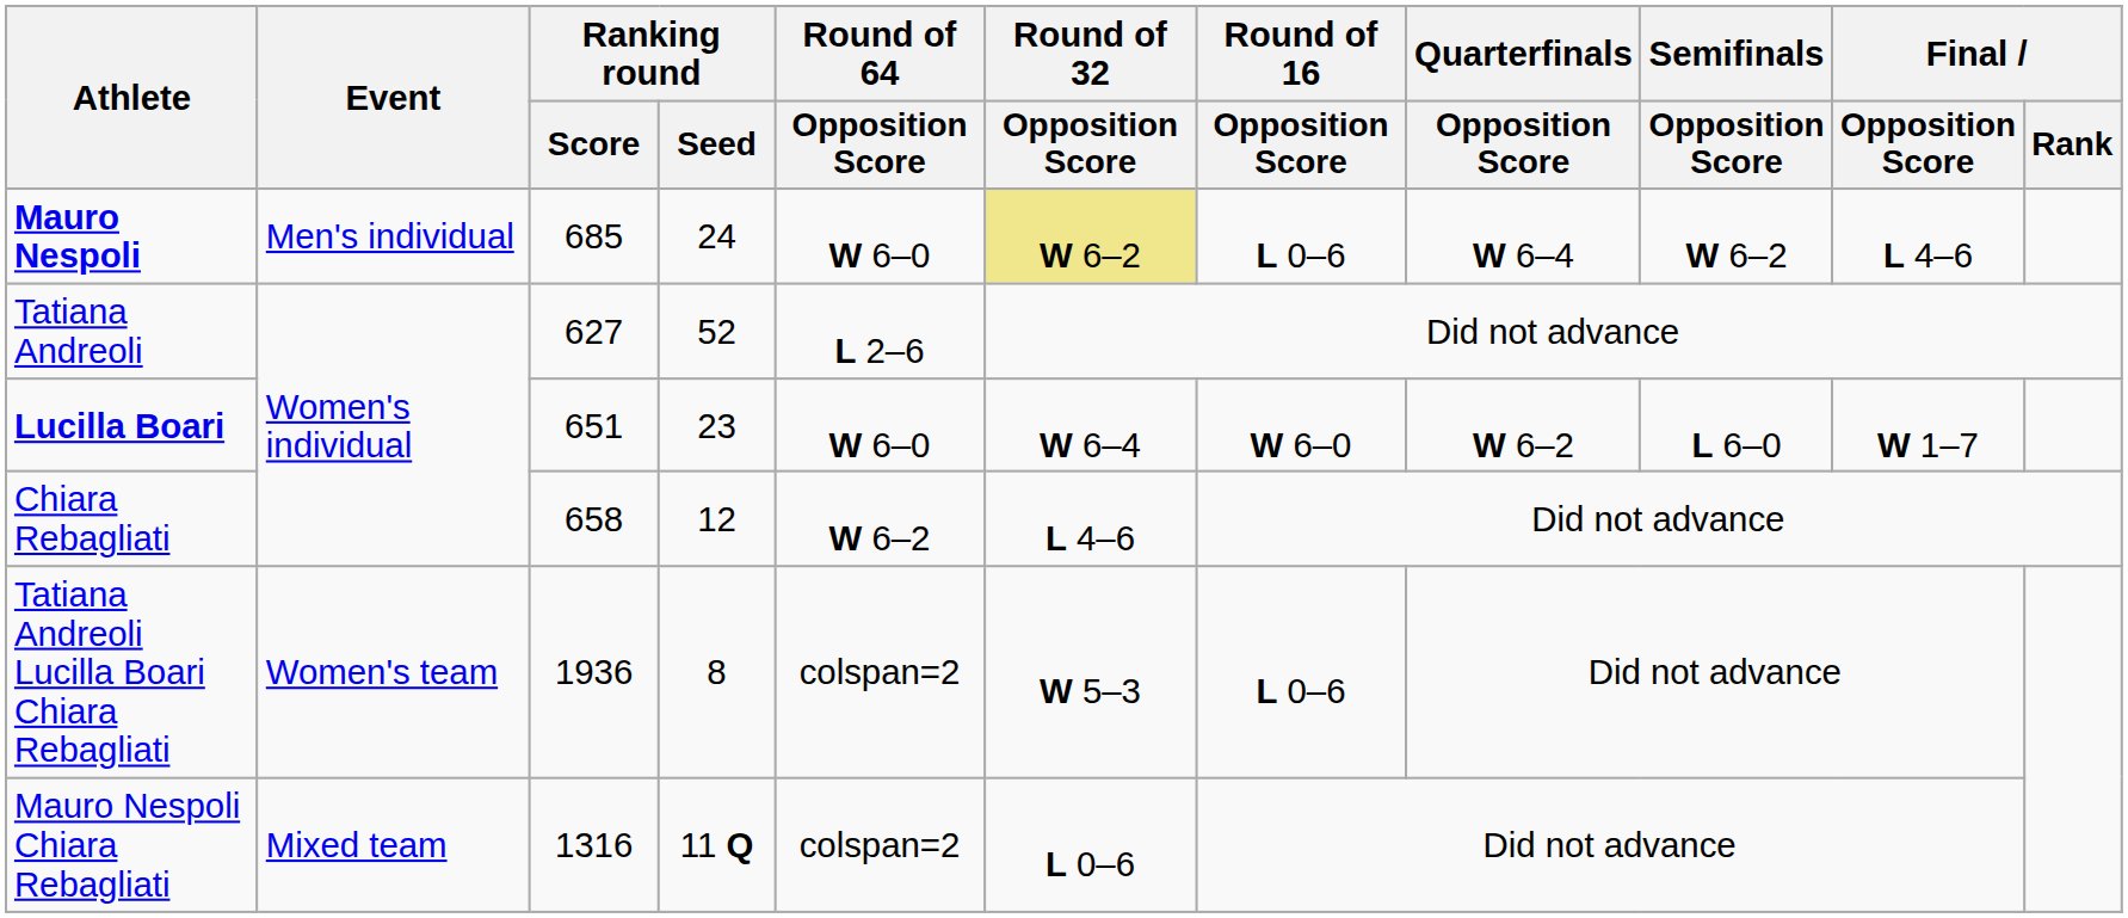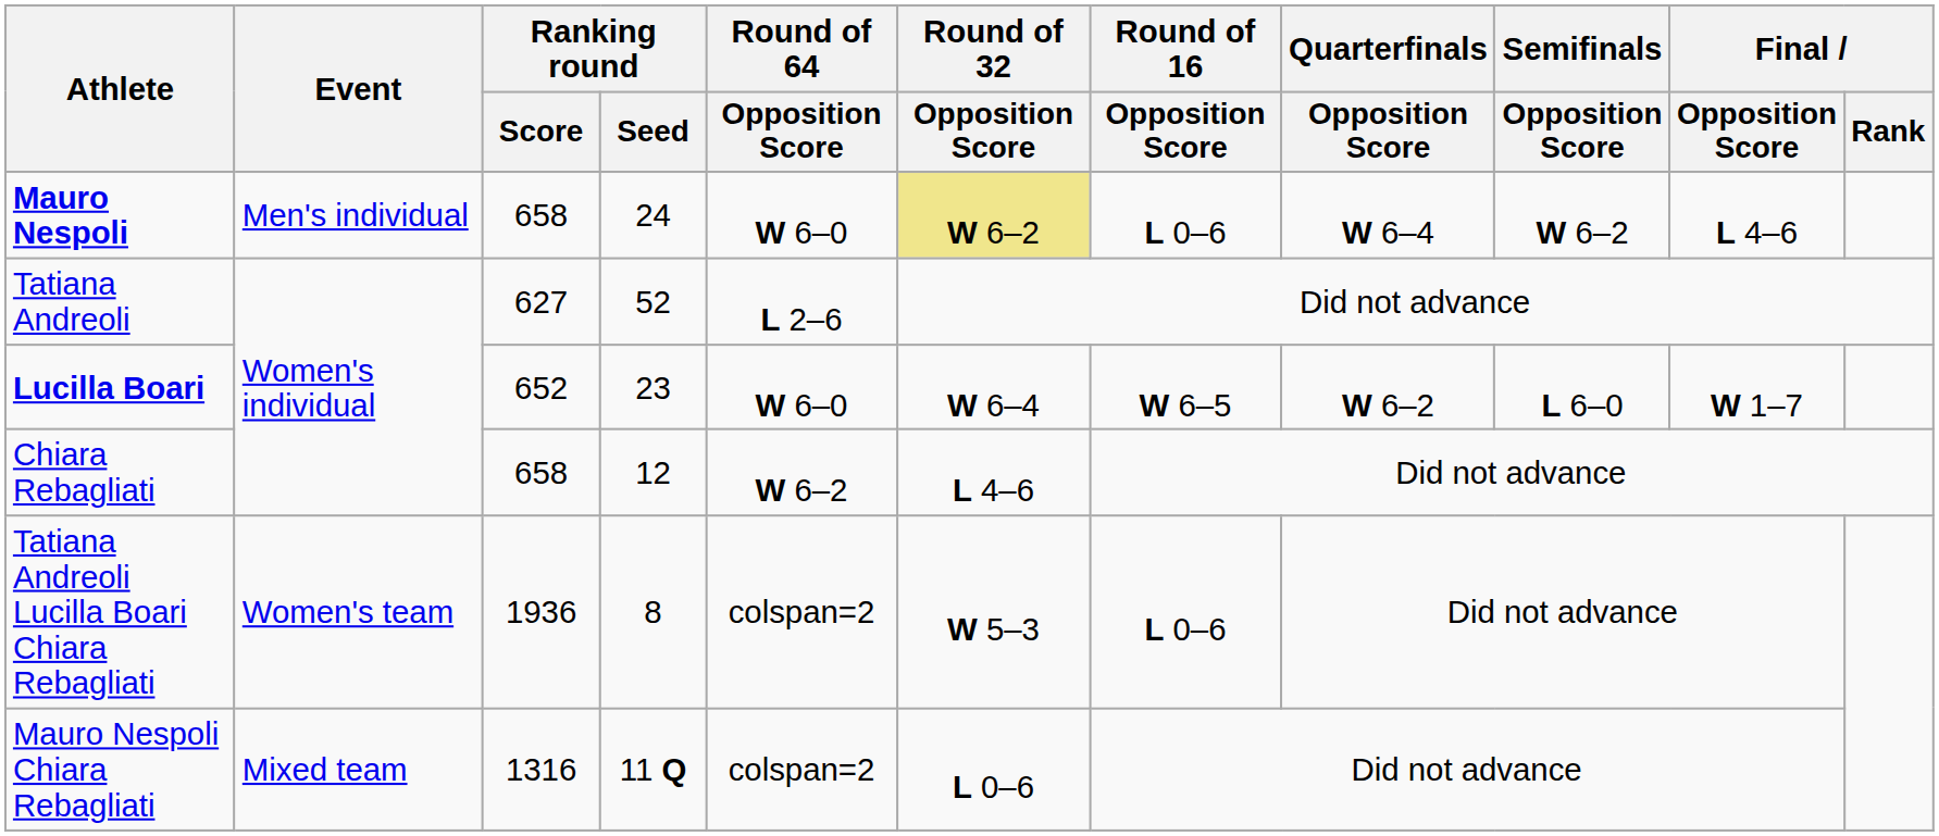 <table class="wikitable" style="font-size:90%">
 <tr>
 <th rowspan=2>Athlete</th>
 <th rowspan=2>Event</th>
 <th colspan="2">Ranking round</th>
 <th>Round of 64</th>
 <th>Round of 32</th>
 <th>Round of 16</th>
 <th>Quarterfinals</th>
 <th>Semifinals</th>
 <th colspan="2">Final / </th>
 </tr>
 <tr style="font-size:95%">
 <th>Score</th>
 <th>Seed</th>
 <th>Opposition<br>Score</th>
 <th>Opposition<br>Score</th>
 <th>Opposition<br>Score</th>
 <th>Opposition<br>Score</th>
 <th>Opposition<br>Score</th>
 <th>Opposition<br>Score</th>
 <th>Rank</th>
 </tr>
 <tr align=center>
 <td align=left><strong><a href='#'>Mauro Nespoli</a></strong></td>
 <td align=left><a href='#'>Men's individual</a></td>
-<td>685</td>
+<td>658</td>
 <td>24</td>
 <td><br><strong>W</strong> 6–0</td>
 <td style="background: khaki;"><br><strong>W</strong> 6–2</td>
 <td><br><strong>L</strong> 0–6</td>
 <td><br><strong>W</strong> 6–4</td>
 <td><br><strong>W</strong> 6–2</td>
 <td><br><strong>L</strong> 4–6</td>
 <td></td>
 </tr>
 <tr align=center>
 <td align=left><a href='#'>Tatiana Andreoli</a></td>
 <td align=left rowspan=3><a href='#'>Women's individual</a></td>
 <td>627</td>
 <td>52</td>
 <td><br><strong>L</strong> 2–6</td>
 <td colspan=6>Did not advance</td>
 </tr>
 <tr align=center>
 <td align=left><strong><a href='#'>Lucilla Boari</a></strong></td>
-<td>651</td>
+<td>652</td>
 <td>23</td>
 <td><br><strong>W</strong> 6–0</td>
 <td><br><strong>W</strong> 6–4</td>
-<td><br><strong>W</strong> 6–0</td>
+<td><br><strong>W</strong> 6–5</td>
 <td><br><strong>W</strong> 6–2</td>
 <td><br><strong>L</strong> 6–0</td>
 <td><br><strong>W</strong> 1–7</td>
 <td></td>
 </tr>
 <tr align=center>
 <td align=left><a href='#'>Chiara Rebagliati</a></td>
 <td>658</td>
 <td>12</td>
 <td><br><strong>W</strong> 6–2</td>
 <td><br><strong>L</strong> 4–6</td>
 <td colspan=5>Did not advance</td>
 </tr>
 <tr align=center>
 <td align=left><a href='#'>Tatiana Andreoli</a><br><a href='#'>Lucilla Boari</a><br><a href='#'>Chiara Rebagliati</a></td>
 <td align=left><a href='#'>Women's team</a></td>
 <td>1936</td>
 <td>8</td>
 <td>colspan=2 </td>
 <td><br><strong>W</strong> 5–3</td>
 <td><br><strong>L</strong> 0–6</td>
 <td colspan=3>Did not advance</td>
 </tr>
 <tr align=center>
 <td align=left><a href='#'>Mauro Nespoli</a><br><a href='#'>Chiara Rebagliati</a></td>
 <td align=left><a href='#'>Mixed team</a></td>
 <td>1316</td>
 <td>11 <strong>Q</strong></td>
 <td>colspan=2 </td>
 <td><br><strong>L</strong> 0–6</td>
 <td colspan=4>Did not advance</td>
 </tr>
 </table>
